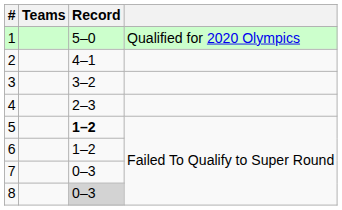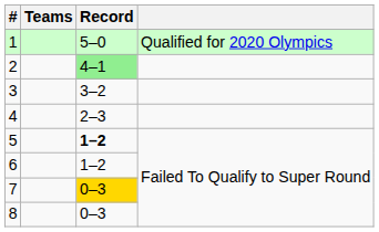 <table class="wikitable">
 <tr>
 <th>#</th>
 <th>Teams</th>
 <th>Record</th>
 <th></th>
 </tr>
 <tr bgcolor=ccffcc>
 <td>1</td>
 <td></td>
 <td>5–0</td>
 <td>Qualified for <a href='#'>2020 Olympics</a></td>
 </tr>
 <tr>
 <td>2</td>
 <td></td>
-<td>4–1</td>
+<td style="background: lightgreen;">4–1</td>
 <td></td>
 </tr>
 <tr>
 <td>3</td>
 <td></td>
 <td>3–2</td>
 <td></td>
 </tr>
 <tr>
 <td>4</td>
 <td></td>
 <td>2–3</td>
 <td></td>
 </tr>
 <tr>
 <td>5</td>
 <td></td>
 <td><strong>1–2</strong></td>
 <td rowspan="4">Failed To Qualify to Super Round</td>
 </tr>
 <tr>
 <td>6</td>
 <td></td>
 <td>1–2</td>
 </tr>
 <tr>
 <td>7</td>
 <td></td>
-<td>0–3</td>
+<td style="background: gold;">0–3</td>
 </tr>
 <tr>
 <td>8</td>
 <td></td>
-<td style="background: lightgrey;">0–3</td>
+<td>0–3</td>
 </tr>
 </table>
